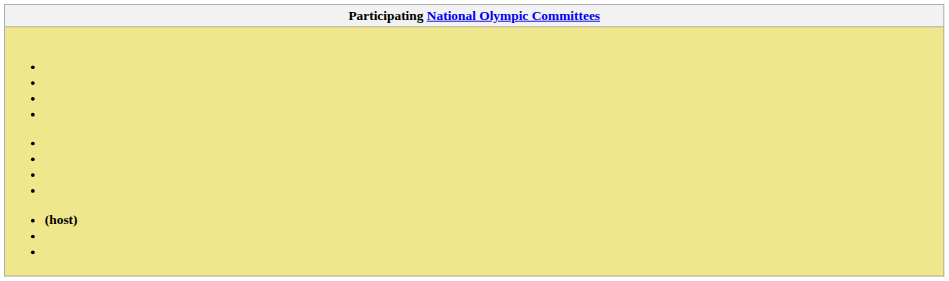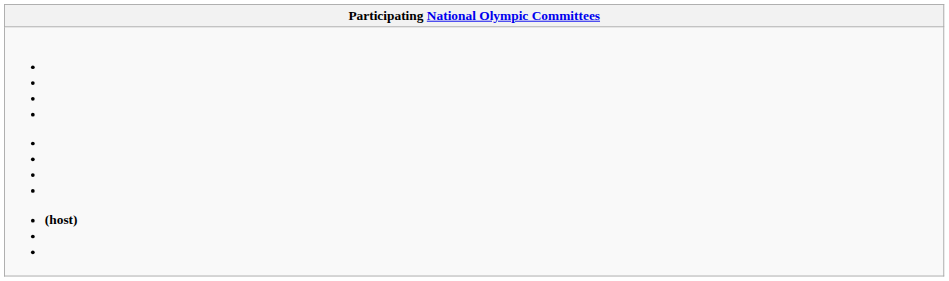 <table class="wikitable mw-collapsible" style="white-space:nowrap; width:80%; font-size:90%;">
 <tr>
 <th>Participating <a href='#'>National Olympic Committees</a></th>
 </tr>
 <tr>
-<td style="background: khaki;"><br> <ul><li></li><li></li><li></li><li></li></ul><ul><li></li><li></li><li></li><li></li></ul><ul><li> <strong>(host)</strong></li><li></li><li></li></ul></td>
+<td><br> <ul><li></li><li></li><li></li><li></li></ul><ul><li></li><li></li><li></li><li></li></ul><ul><li> <strong>(host)</strong></li><li></li><li></li></ul></td>
 </tr>
 </table>
